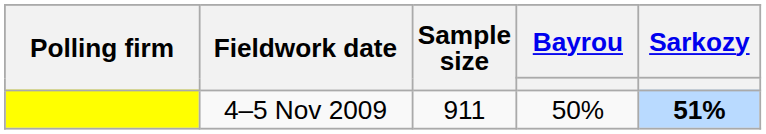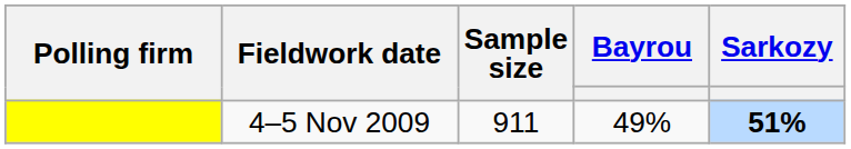 <table class="wikitable sortable" style="text-align:center;font-size:90%;line-height:14px;">
 <tr style="height:40px;">
 <th style="width:100px;" rowspan="2">Polling firm</th>
 <th style="width:110px;" rowspan="2">Fieldwork date</th>
 <th style="width:35px;" rowspan="2">Sample<br>size</th>
 <th class="unsortable" style="width:60px;"><a href='#'>Bayrou</a><br></th>
 <th class="unsortable" style="width:60px;"><a href='#'>Sarkozy</a><br></th>
 </tr>
 <tr>
 <th style="background:"></th>
 <th style="background:"></th>
 </tr>
 <tr>
 <td style="background:yellow;"></td>
 <td data-sort-value="2009-11-05">4–5 Nov 2009</td>
 <td>911</td>
-<td>50%</td>
+<td>49%</td>
 <td style="background:#B9DAFF;"><strong>51%</strong></td>
 </tr>
 </table>
